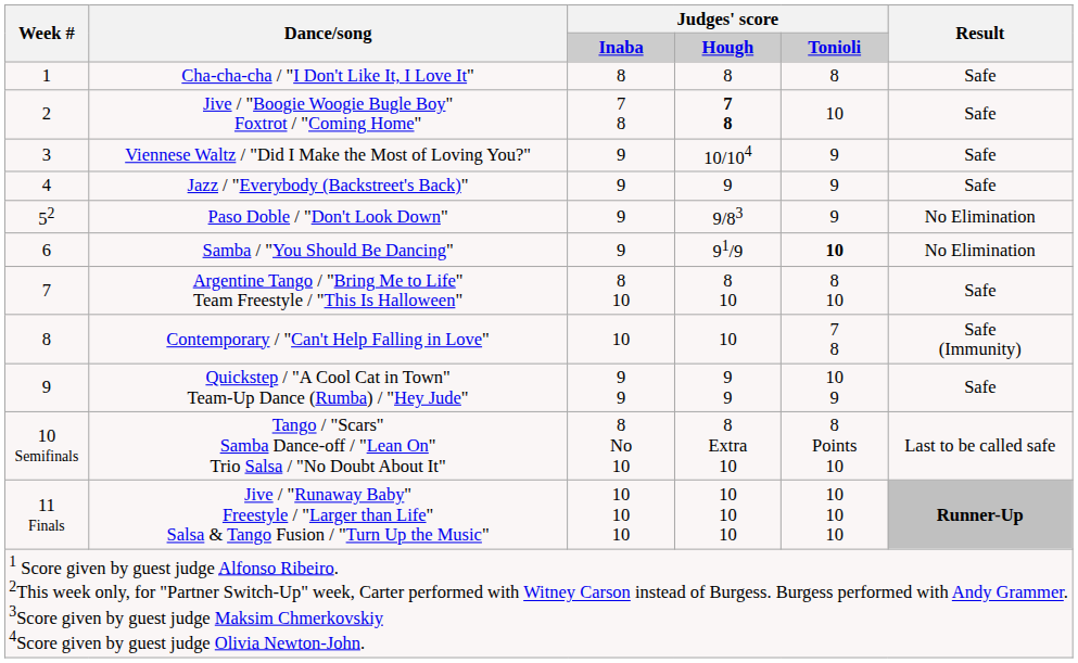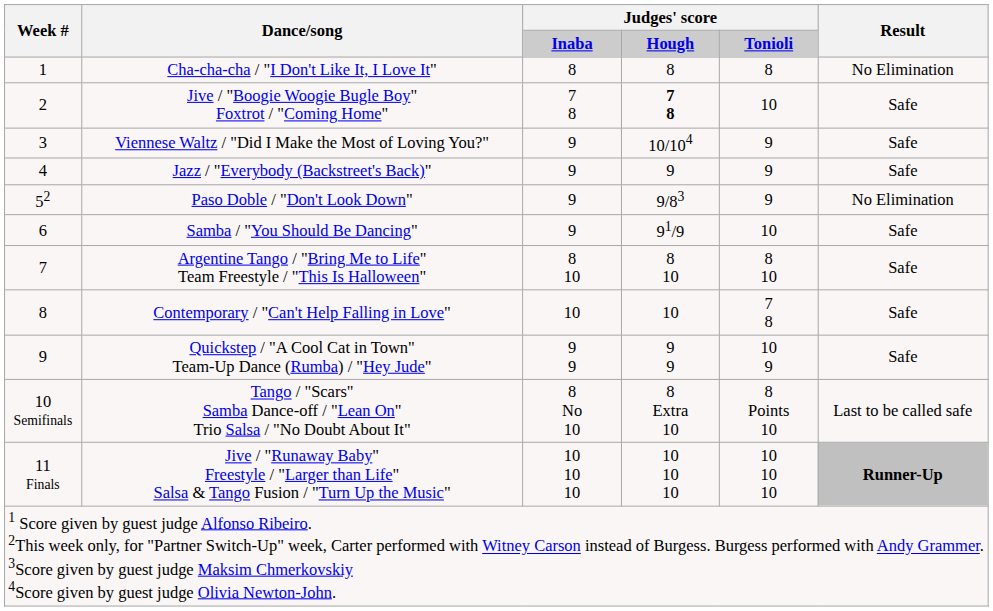 <table class="wikitable collapsible collapsed">
 <tr style="text-align: center; background:#ccc;">
 <th rowspan="2">Week #</th>
 <th rowspan="2">Dance/song</th>
 <th colspan="3">Judges' score</th>
 <th rowspan="2">Result</th>
 </tr>
 <tr style="text-align: center; background:#ccc;">
 <td style="width:10%; "><strong><a href='#'>Inaba</a></strong></td>
 <td style="width:10%; "><strong><a href='#'>Hough</a></strong></td>
 <td style="width:10%; "><strong><a href='#'>Tonioli</a></strong></td>
 </tr>
 <tr>
 <td align="center" bgcolor="FAF6F6">1</td>
 <td align="center" bgcolor="FAF6F6"><a href='#'>Cha-cha-cha</a> / "<a href='#'>I Don't Like It, I Love It</a>"</td>
 <td align="center" bgcolor="FAF6F6">8</td>
 <td align="center" bgcolor="FAF6F6">8</td>
 <td align="center" bgcolor="FAF6F6">8</td>
-<td align="center" bgcolor="FAF6F6">Safe</td>
+<td align="center" bgcolor="FAF6F6">No Elimination</td>
 </tr>
 <tr>
 <td align="center" bgcolor="FAF6F6">2</td>
 <td align="center" bgcolor="FAF6F6"><a href='#'>Jive</a> / "<a href='#'>Boogie Woogie Bugle Boy</a>"<br> <a href='#'>Foxtrot</a> / "<a href='#'>Coming Home</a>"</td>
 <td align="center" bgcolor="FAF6F6">7<br>8</td>
 <td align="center" bgcolor="FAF6F6"><strong>7<br>8</strong></td>
 <td align="center" bgcolor="FAF6F6">10</td>
 <td align="center" bgcolor="FAF6F6">Safe</td>
 </tr>
 <tr>
 <td align="center" bgcolor="FAF6F6">3</td>
 <td align="center" bgcolor="FAF6F6"><a href='#'>Viennese Waltz</a> / "Did I Make the Most of Loving You?"</td>
 <td align="center" bgcolor="FAF6F6">9</td>
 <td align="center" bgcolor="FAF6F6">10/10<sup>4</sup></td>
 <td align="center" bgcolor="FAF6F6">9</td>
 <td align="center" bgcolor="FAF6F6">Safe</td>
 </tr>
 <tr>
 <td align="center" bgcolor="FAF6F6">4</td>
 <td align="center" bgcolor="FAF6F6"><a href='#'>Jazz</a> / "<a href='#'>Everybody (Backstreet's Back)</a>"</td>
 <td align="center" bgcolor="FAF6F6">9</td>
 <td align="center" bgcolor="FAF6F6">9</td>
 <td align="center" bgcolor="FAF6F6">9</td>
 <td align="center" bgcolor="FAF6F6">Safe</td>
 </tr>
 <tr>
 <td align="center" bgcolor="FAF6F6">5<sup>2</sup></td>
 <td align="center" bgcolor="FAF6F6"><a href='#'>Paso Doble</a> / "<a href='#'>Don't Look Down</a>"</td>
 <td align="center" bgcolor="FAF6F6">9</td>
 <td align="center" bgcolor="FAF6F6">9/8<sup>3</sup></td>
 <td align="center" bgcolor="FAF6F6">9</td>
 <td align="center" bgcolor="FAF6F6">No Elimination</td>
 </tr>
 <tr>
 <td align="center" bgcolor="FAF6F6">6</td>
 <td align="center" bgcolor="FAF6F6"><a href='#'>Samba</a> / "<a href='#'>You Should Be Dancing</a>"</td>
 <td align="center" bgcolor="FAF6F6">9</td>
 <td align="center" bgcolor="FAF6F6">9<sup>1</sup>/9</td>
-<td align="center" bgcolor="FAF6F6"><strong>10</strong></td>
-<td align="center" bgcolor="FAF6F6">No Elimination</td>
+<td align="center" bgcolor="FAF6F6">10</td>
+<td align="center" bgcolor="FAF6F6">Safe</td>
 </tr>
 <tr>
 <td align="center" bgcolor="FAF6F6">7</td>
 <td align="center" bgcolor="FAF6F6"><a href='#'>Argentine Tango</a> / "<a href='#'>Bring Me to Life</a>" <br> Team Freestyle / "<a href='#'>This Is Halloween</a>"</td>
 <td align="center" bgcolor="FAF6F6">8<br>10</td>
 <td align="center" bgcolor="FAF6F6">8<br>10</td>
 <td align="center" bgcolor="FAF6F6">8<br>10</td>
 <td align="center" bgcolor="FAF6F6">Safe</td>
 </tr>
 <tr>
 <td align="center" bgcolor="FAF6F6">8</td>
 <td align="center" bgcolor="FAF6F6"><a href='#'>Contemporary</a> / "<a href='#'>Can't Help Falling in Love</a>"</td>
 <td align="center" bgcolor="FAF6F6">10</td>
 <td align="center" bgcolor="FAF6F6">10</td>
 <td align="center" bgcolor="FAF6F6">7<br>8</td>
-<td align="center" bgcolor="FAF6F6">Safe<br>(Immunity)</td>
+<td align="center" bgcolor="FAF6F6">Safe</td>
 </tr>
 <tr>
 <td align="center" bgcolor="FAF6F6">9</td>
 <td align="center" bgcolor="FAF6F6"><a href='#'>Quickstep</a> / "A Cool Cat in Town" <br> Team-Up Dance (<a href='#'>Rumba</a>) / "<a href='#'>Hey Jude</a>"</td>
 <td align="center" bgcolor="FAF6F6">9<br>9</td>
 <td align="center" bgcolor="FAF6F6">9<br>9</td>
 <td align="center" bgcolor="FAF6F6">10<br>9</td>
 <td align="center" bgcolor="FAF6F6">Safe</td>
 </tr>
 <tr>
 <td align="center" bgcolor="FAF6F6">10<br><small>Semifinals</small></td>
 <td align="center" bgcolor="FAF6F6"><a href='#'>Tango</a> / "Scars"<br><a href='#'>Samba</a> Dance-off / "<a href='#'>Lean On</a>" <br> Trio <a href='#'>Salsa</a> / "No Doubt About It"</td>
 <td align="center" bgcolor="FAF6F6">8<br>No<br>10</td>
 <td align="center" bgcolor="FAF6F6">8<br>Extra<br>10</td>
 <td align="center" bgcolor="FAF6F6">8<br>Points<br>10</td>
 <td align="center" bgcolor="FAF6F6">Last to be called safe</td>
 </tr>
 <tr>
 <td align="center" bgcolor="FAF6F6">11<br><small>Finals</small></td>
 <td align="center" bgcolor="FAF6F6"><a href='#'>Jive</a> / "<a href='#'>Runaway Baby</a>" <br><a href='#'>Freestyle</a> / "<a href='#'>Larger than Life</a>" <br> <a href='#'>Salsa</a> & <a href='#'>Tango</a> Fusion / "<a href='#'>Turn Up the Music</a>"</td>
 <td align="center" bgcolor="FAF6F6">10<br>10<br>10</td>
 <td align="center" bgcolor="FAF6F6">10<br>10<br>10</td>
 <td align="center" bgcolor="FAF6F6">10<br>10<br>10</td>
 <th style="background:silver;"><strong>Runner-Up</strong></th>
 </tr>
 <tr>
 <td colspan="7" style="background:#faf6f6; text-align:left;"><sup>1</sup> Score given by guest judge <a href='#'>Alfonso Ribeiro</a>.<br><sup>2</sup>This week only, for "Partner Switch-Up" week, Carter performed with <a href='#'>Witney Carson</a> instead of Burgess. Burgess performed with <a href='#'>Andy Grammer</a>.<br><sup>3</sup>Score given by guest judge <a href='#'>Maksim Chmerkovskiy</a><br><sup>4</sup>Score given by guest judge <a href='#'>Olivia Newton-John</a>. </td>
 </tr>
 </table>
